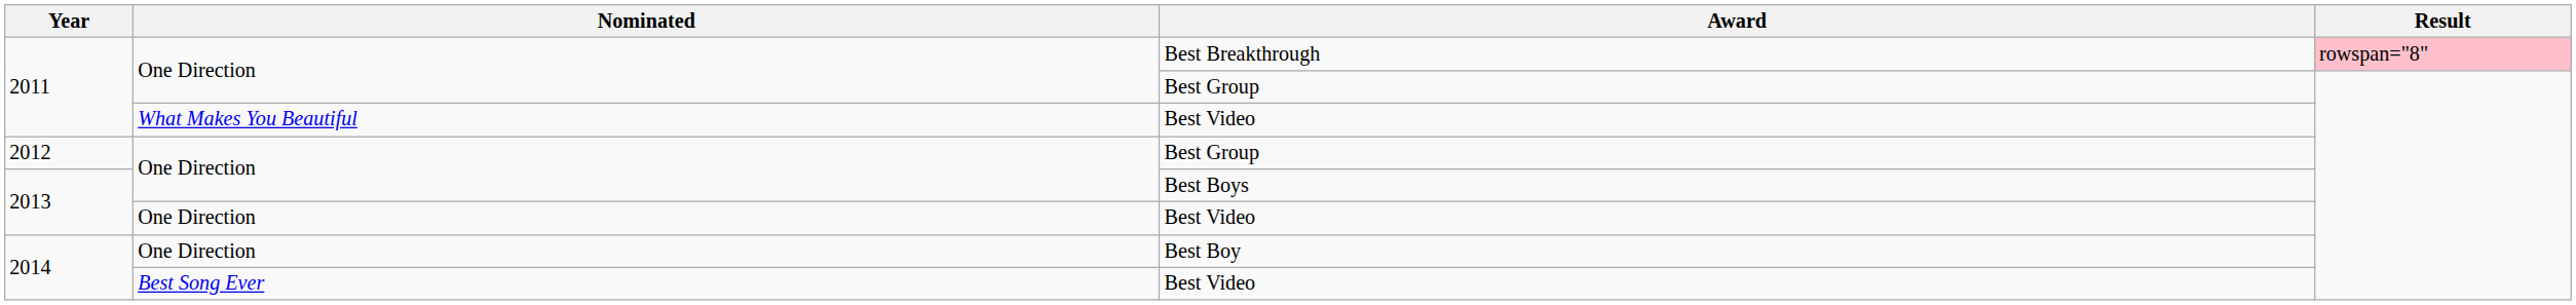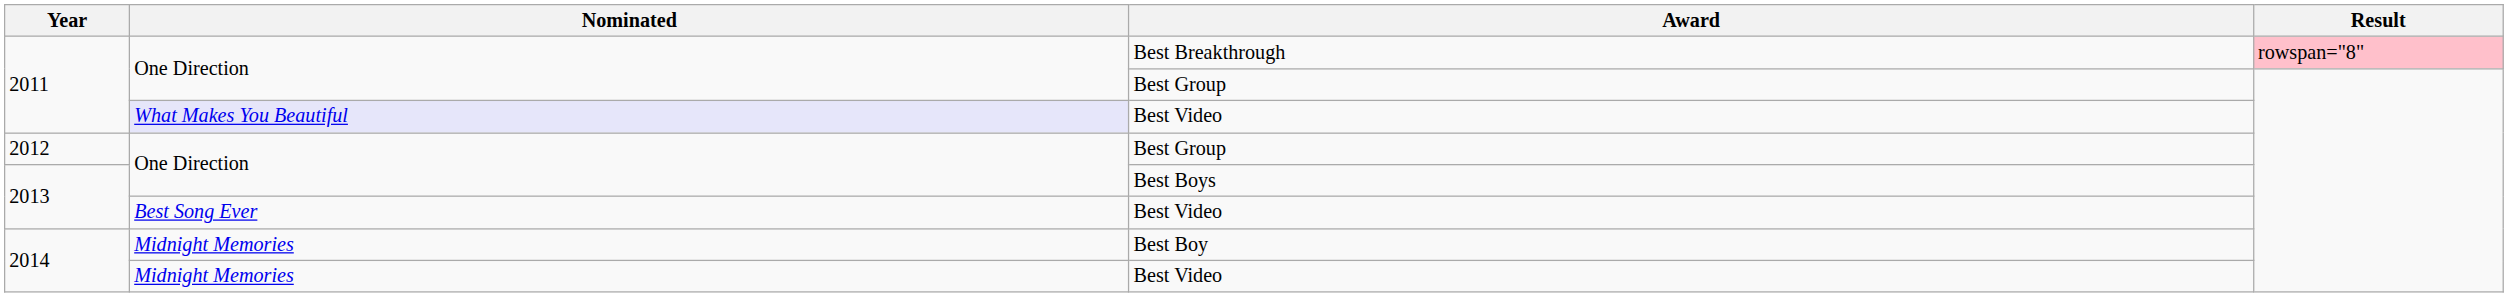 <table class="wikitable" style="width:100%;">
 <tr>
 <th width=5%>Year</th>
 <th style="width:40%;">Nominated</th>
 <th style="width:45%;">Award</th>
 <th style="width:10%;">Result</th>
 </tr>
 <tr>
 <td rowspan="3">2011</td>
 <td rowspan="2">One Direction</td>
 <td>Best Breakthrough</td>
 <td style="background: pink;">rowspan="8" </td>
 </tr>
 <tr>
 <td>Best Group</td>
 </tr>
 <tr>
-<td><em><a href='#'>What Makes You Beautiful</a></em></td>
+<td style="background: lavender;"><em><a href='#'>What Makes You Beautiful</a></em></td>
 <td>Best Video</td>
 </tr>
 <tr>
 <td>2012</td>
 <td rowspan="2">One Direction</td>
 <td>Best Group</td>
 </tr>
 <tr>
 <td rowspan="2">2013</td>
 <td>Best Boys</td>
 </tr>
 <tr>
-<td>One Direction</td>
+<td><em><a href='#'>Best Song Ever</a></em></td>
 <td>Best Video</td>
 </tr>
 <tr>
 <td rowspan="2">2014</td>
-<td>One Direction</td>
+<td><em><a href='#'>Midnight Memories</a></em></td>
 <td>Best Boy</td>
 </tr>
 <tr>
-<td><em><a href='#'>Best Song Ever</a></em></td>
+<td><em><a href='#'>Midnight Memories</a></em></td>
 <td>Best Video</td>
 </tr>
 </table>
